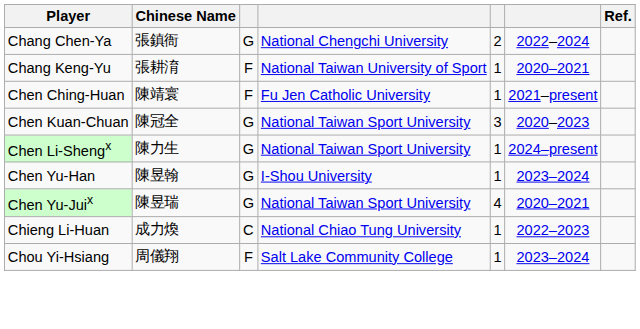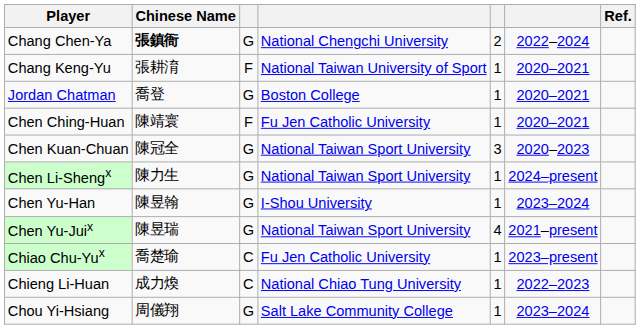 <table class="wikitable sortable" style="font-size:95%; text-align:left;">
 <tr>
 <th>Player</th>
 <th>Chinese Name</th>
 <th></th>
 <th></th>
 <th></th>
 <th></th>
 <th>Ref.</th>
 </tr>
 <tr>
 <td>Chang Chen-Ya</td>
-<td>張鎮衙</td>
+<td><strong>張鎮衙</strong></td>
 <td align="center">G</td>
 <td><a href='#'>National Chengchi University</a></td>
 <td align="center">2</td>
 <td align="center"><a href='#'>2022</a>–<a href='#'>2024</a></td>
 <td></td>
 </tr>
 <tr>
 <td>Chang Keng-Yu</td>
 <td>張耕淯</td>
 <td align="center">F</td>
 <td><a href='#'>National Taiwan University of Sport</a></td>
 <td align="center">1</td>
 <td align="center"><a href='#'>2020–2021</a></td>
 <td></td>
 </tr>
 <tr>
+<td><a href='#'>Jordan Chatman</a></td>
+<td>喬登</td>
+<td align="center">G</td>
+<td><a href='#'>Boston College</a></td>
+<td align="center">1</td>
+<td align="center"><a href='#'>2020–2021</a></td>
+<td></td>
+</tr>
+<tr>
 <td>Chen Ching-Huan</td>
 <td>陳靖寰</td>
 <td align="center">F</td>
 <td><a href='#'>Fu Jen Catholic University</a></td>
 <td align="center">1</td>
-<td align="center"><a href='#'>2021</a>–<a href='#'>present</a></td>
+<td align="center"><a href='#'>2020–2021</a></td>
 <td></td>
 </tr>
 <tr>
 <td>Chen Kuan-Chuan</td>
 <td>陳冠全</td>
 <td align="center">G</td>
 <td><a href='#'>National Taiwan Sport University</a></td>
 <td align="center">3</td>
 <td align="center"><a href='#'>2020</a>–<a href='#'>2023</a></td>
 <td></td>
 </tr>
 <tr>
 <td bgcolor="#CCFFCC">Chen Li-Sheng<sup>x</sup></td>
 <td>陳力生</td>
 <td align="center">G</td>
 <td><a href='#'>National Taiwan Sport University</a></td>
 <td align="center">1</td>
 <td align="center"><a href='#'>2024–present</a></td>
 <td></td>
 </tr>
 <tr>
 <td>Chen Yu-Han</td>
 <td>陳昱翰</td>
 <td align="center">G</td>
 <td><a href='#'>I-Shou University</a></td>
 <td align="center">1</td>
 <td align="center"><a href='#'>2023–2024</a></td>
 <td></td>
 </tr>
 <tr>
 <td bgcolor="#CCFFCC">Chen Yu-Jui<sup>x</sup></td>
 <td>陳昱瑞</td>
 <td align="center">G</td>
 <td><a href='#'>National Taiwan Sport University</a></td>
 <td align="center">4</td>
-<td align="center"><a href='#'>2020–2021</a></td>
+<td align="center"><a href='#'>2021</a>–<a href='#'>present</a></td>
+<td></td>
+</tr>
+<tr>
+<td bgcolor="#CCFFCC">Chiao Chu-Yu<sup>x</sup></td>
+<td>喬楚瑜</td>
+<td align="center">C</td>
+<td><a href='#'>Fu Jen Catholic University</a></td>
+<td align="center">1</td>
+<td align="center"><a href='#'>2023–present</a></td>
 <td></td>
 </tr>
 <tr>
 <td>Chieng Li-Huan</td>
 <td>成力煥</td>
 <td align="center">C</td>
 <td><a href='#'>National Chiao Tung University</a></td>
 <td align="center">1</td>
 <td align="center"><a href='#'>2022–2023</a></td>
 <td></td>
 </tr>
 <tr>
 <td>Chou Yi-Hsiang</td>
 <td>周儀翔</td>
-<td align="center">F</td>
+<td align="center">G</td>
 <td><a href='#'>Salt Lake Community College</a></td>
 <td align="center">1</td>
 <td align="center"><a href='#'>2023–2024</a></td>
 <td></td>
 </tr>
 </table>
